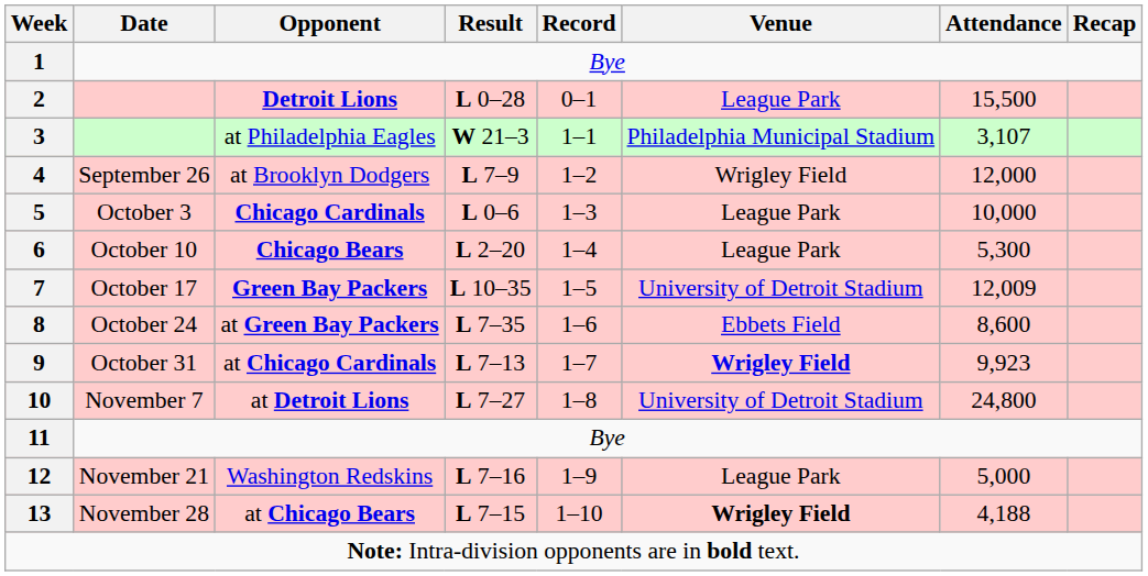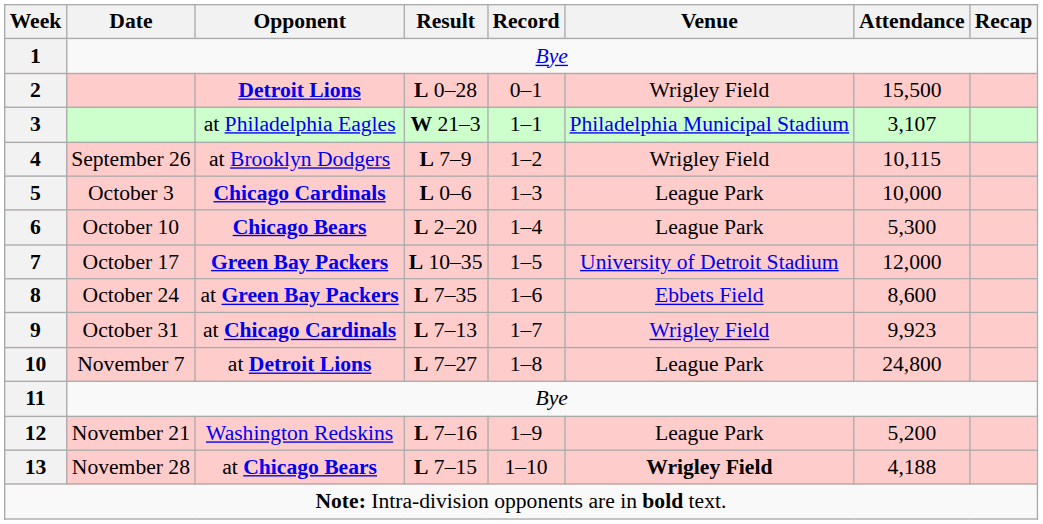 <table class="wikitable" style="text-align:center">
 <tr>
 <th>Week</th>
 <th>Date</th>
 <th>Opponent</th>
 <th>Result</th>
 <th>Record</th>
 <th>Venue</th>
 <th>Attendance</th>
 <th>Recap</th>
 </tr>
 <tr>
 <th>1</th>
 <td colspan="7"><em><a href='#'>Bye</a></em></td>
 </tr>
 <tr style="background:#fcc">
 <th>2</th>
 <td></td>
 <td><strong><a href='#'>Detroit Lions</a></strong></td>
 <td><strong>L</strong> 0–28</td>
 <td>0–1</td>
-<td><a href='#'>League Park</a></td>
+<td>Wrigley Field</td>
 <td>15,500</td>
 <td></td>
 </tr>
 <tr style="background:#cfc">
 <th>3</th>
 <td></td>
 <td>at <a href='#'>Philadelphia Eagles</a></td>
 <td><strong>W</strong> 21–3</td>
 <td>1–1</td>
 <td><a href='#'>Philadelphia Municipal Stadium</a></td>
 <td>3,107</td>
 <td></td>
 </tr>
 <tr style="background:#fcc">
 <th>4</th>
 <td>September 26</td>
 <td>at <a href='#'>Brooklyn Dodgers</a></td>
 <td><strong>L</strong> 7–9</td>
 <td>1–2</td>
 <td>Wrigley Field</td>
-<td>12,000</td>
+<td>10,115</td>
 <td></td>
 </tr>
 <tr style="background:#fcc">
 <th>5</th>
 <td>October 3</td>
 <td><strong><a href='#'>Chicago Cardinals</a></strong></td>
 <td><strong>L</strong> 0–6</td>
 <td>1–3</td>
 <td>League Park</td>
 <td>10,000</td>
 <td></td>
 </tr>
 <tr style="background:#fcc">
 <th>6</th>
 <td>October 10</td>
 <td><strong><a href='#'>Chicago Bears</a></strong></td>
 <td><strong>L</strong> 2–20</td>
 <td>1–4</td>
 <td>League Park</td>
 <td>5,300</td>
 <td></td>
 </tr>
 <tr style="background:#fcc">
 <th>7</th>
 <td>October 17</td>
 <td><strong><a href='#'>Green Bay Packers</a></strong></td>
 <td><strong>L</strong> 10–35</td>
 <td>1–5</td>
 <td><a href='#'>University of Detroit Stadium</a></td>
-<td>12,009</td>
+<td>12,000</td>
 <td></td>
 </tr>
 <tr style="background:#fcc">
 <th>8</th>
 <td>October 24</td>
 <td>at <strong><a href='#'>Green Bay Packers</a></strong></td>
 <td><strong>L</strong> 7–35</td>
 <td>1–6</td>
 <td><a href='#'>Ebbets Field</a></td>
 <td>8,600</td>
 <td></td>
 </tr>
 <tr style="background:#fcc">
 <th>9</th>
 <td>October 31</td>
 <td>at <strong><a href='#'>Chicago Cardinals</a></strong></td>
 <td><strong>L</strong> 7–13</td>
 <td>1–7</td>
-<td><strong><a href='#'>Wrigley Field</a></strong></td>
+<td><a href='#'>Wrigley Field</a></td>
 <td>9,923</td>
 <td></td>
 </tr>
 <tr style="background:#fcc">
 <th>10</th>
 <td>November 7</td>
 <td>at <strong><a href='#'>Detroit Lions</a></strong></td>
 <td><strong>L</strong> 7–27</td>
 <td>1–8</td>
-<td><a href='#'>University of Detroit Stadium</a></td>
+<td>League Park</td>
 <td>24,800</td>
 <td></td>
 </tr>
 <tr>
 <th>11</th>
 <td colspan="7"><em>Bye</em></td>
 </tr>
 <tr style="background:#fcc">
 <th>12</th>
 <td>November 21</td>
 <td><a href='#'>Washington Redskins</a></td>
 <td><strong>L</strong> 7–16</td>
 <td>1–9</td>
 <td>League Park</td>
-<td>5,000</td>
+<td>5,200</td>
 <td></td>
 </tr>
 <tr style="background:#fcc">
 <th>13</th>
 <td>November 28</td>
 <td>at <strong><a href='#'>Chicago Bears</a></strong></td>
 <td><strong>L</strong> 7–15</td>
 <td>1–10</td>
 <td><strong>Wrigley Field</strong></td>
 <td>4,188</td>
 <td></td>
 </tr>
 <tr>
 <td colspan="8"><strong>Note:</strong> Intra-division opponents are in <strong>bold</strong> text.</td>
 </tr>
 </table>
